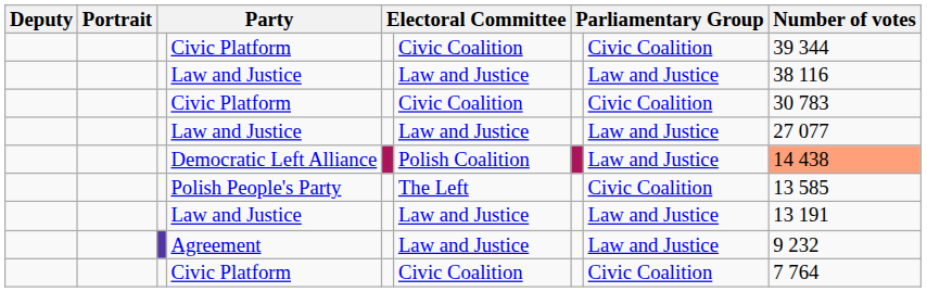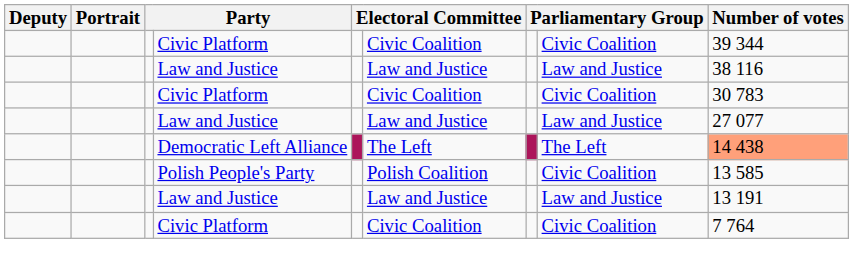 <table class="wikitable sortable" style="font-size:95%;line-height:14px;">
 <tr>
 <th>Deputy</th>
 <th>Portrait</th>
 <th colspan="2">Party</th>
 <th colspan="2">Electoral Committee</th>
 <th colspan="2">Parliamentary Group</th>
 <th>Number of votes</th>
 </tr>
 <tr>
 <td></td>
 <td></td>
 <td style="background:"></td>
 <td><a href='#'>Civic Platform</a></td>
 <td style="background:"></td>
 <td><a href='#'>Civic Coalition</a></td>
 <td style="background:"></td>
 <td><a href='#'>Civic Coalition</a></td>
 <td>39 344</td>
 </tr>
 <tr>
 <td></td>
 <td></td>
 <td style="background:"></td>
 <td><a href='#'>Law and Justice</a></td>
 <td style="background:"></td>
 <td><a href='#'>Law and Justice</a></td>
 <td style="background:"></td>
 <td><a href='#'>Law and Justice</a></td>
 <td>38 116</td>
 </tr>
 <tr>
 <td></td>
 <td></td>
 <td style="background:"></td>
 <td><a href='#'>Civic Platform</a></td>
 <td style="background:"></td>
 <td><a href='#'>Civic Coalition</a></td>
 <td style="background:"></td>
 <td><a href='#'>Civic Coalition</a></td>
 <td>30 783</td>
 </tr>
 <tr>
 <td></td>
 <td></td>
 <td style="background:"></td>
 <td><a href='#'>Law and Justice</a></td>
 <td style="background:"></td>
 <td><a href='#'>Law and Justice</a></td>
 <td style="background:"></td>
 <td><a href='#'>Law and Justice</a></td>
 <td>27 077</td>
 </tr>
 <tr>
 <td></td>
 <td></td>
 <td style="background:"></td>
 <td><a href='#'>Democratic Left Alliance</a></td>
 <td style="background:#AC145A;"></td>
-<td><a href='#'>Polish Coalition</a></td>
+<td><a href='#'>The Left</a></td>
 <td style="background:#AC145A;"></td>
-<td><a href='#'>Law and Justice</a></td>
+<td><a href='#'>The Left</a></td>
 <td style="background: lightsalmon;">14 438</td>
 </tr>
 <tr>
 <td></td>
 <td></td>
 <td style="background:"></td>
 <td><a href='#'>Polish People's Party</a></td>
 <td style="background:"></td>
-<td><a href='#'>The Left</a></td>
+<td><a href='#'>Polish Coalition</a></td>
 <td style="background:"></td>
 <td><a href='#'>Civic Coalition</a></td>
 <td>13 585</td>
 </tr>
 <tr>
 <td></td>
 <td></td>
 <td style="background:"></td>
 <td><a href='#'>Law and Justice</a></td>
 <td style="background:"></td>
 <td><a href='#'>Law and Justice</a></td>
 <td style="background:"></td>
 <td><a href='#'>Law and Justice</a></td>
 <td>13 191</td>
 </tr>
 <tr>
 <td></td>
 <td></td>
-<td style="background:#5234A5;"></td>
-<td><a href='#'>Agreement</a></td>
-<td style="background:"></td>
-<td><a href='#'>Law and Justice</a></td>
-<td style="background:"></td>
-<td><a href='#'>Law and Justice</a></td>
-<td>9 232</td>
-</tr>
-<tr>
-<td></td>
-<td></td>
 <td style="background:"></td>
 <td><a href='#'>Civic Platform</a></td>
 <td style="background:"></td>
 <td><a href='#'>Civic Coalition</a></td>
 <td style="background:"></td>
 <td><a href='#'>Civic Coalition</a></td>
 <td>7 764</td>
 </tr>
 </table>
